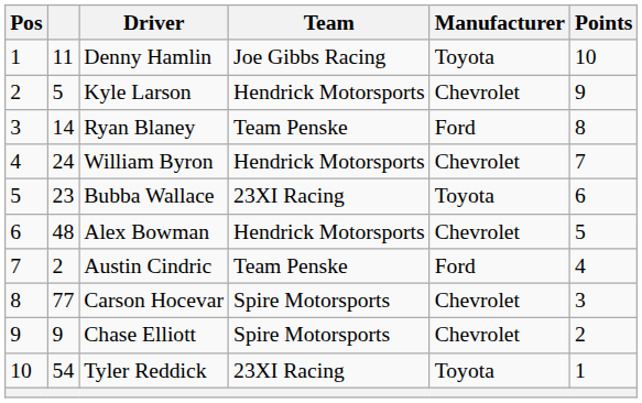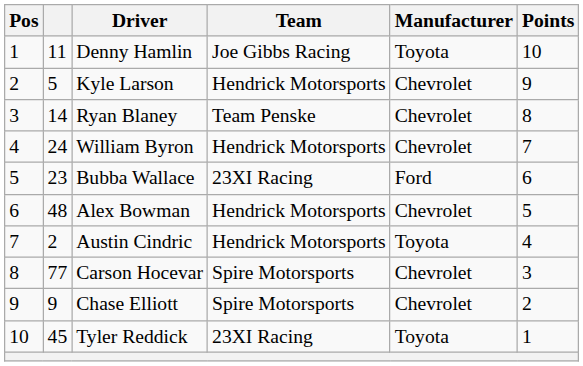 <table class="wikitable" style="font-size:98%">
 <tr>
 <th>Pos</th>
 <th></th>
 <th>Driver</th>
 <th>Team</th>
 <th>Manufacturer</th>
 <th>Points</th>
 </tr>
 <tr>
 <td>1</td>
 <td>11</td>
 <td>Denny Hamlin</td>
 <td>Joe Gibbs Racing</td>
 <td>Toyota</td>
 <td>10</td>
 </tr>
 <tr>
 <td>2</td>
 <td>5</td>
 <td>Kyle Larson</td>
 <td>Hendrick Motorsports</td>
 <td>Chevrolet</td>
 <td>9</td>
 </tr>
 <tr>
 <td>3</td>
 <td>14</td>
 <td>Ryan Blaney</td>
 <td>Team Penske</td>
-<td>Ford</td>
+<td>Chevrolet</td>
 <td>8</td>
 </tr>
 <tr>
 <td>4</td>
 <td>24</td>
 <td>William Byron</td>
 <td>Hendrick Motorsports</td>
 <td>Chevrolet</td>
 <td>7</td>
 </tr>
 <tr>
 <td>5</td>
 <td>23</td>
 <td>Bubba Wallace</td>
 <td>23XI Racing</td>
-<td>Toyota</td>
+<td>Ford</td>
 <td>6</td>
 </tr>
 <tr>
 <td>6</td>
 <td>48</td>
 <td>Alex Bowman</td>
 <td>Hendrick Motorsports</td>
 <td>Chevrolet</td>
 <td>5</td>
 </tr>
 <tr>
 <td>7</td>
 <td>2</td>
 <td>Austin Cindric</td>
-<td>Team Penske</td>
-<td>Ford</td>
+<td>Hendrick Motorsports</td>
+<td>Toyota</td>
 <td>4</td>
 </tr>
 <tr>
 <td>8</td>
 <td>77</td>
 <td>Carson Hocevar</td>
 <td>Spire Motorsports</td>
 <td>Chevrolet</td>
 <td>3</td>
 </tr>
 <tr>
 <td>9</td>
 <td>9</td>
 <td>Chase Elliott</td>
 <td>Spire Motorsports</td>
 <td>Chevrolet</td>
 <td>2</td>
 </tr>
 <tr>
 <td>10</td>
-<td>54</td>
+<td>45</td>
 <td>Tyler Reddick</td>
 <td>23XI Racing</td>
 <td>Toyota</td>
 <td>1</td>
 </tr>
 <tr>
 <th colspan="6"></th>
 </tr>
 </table>
